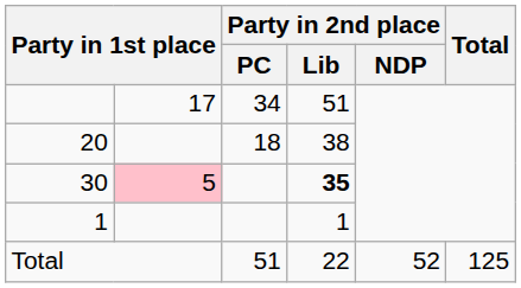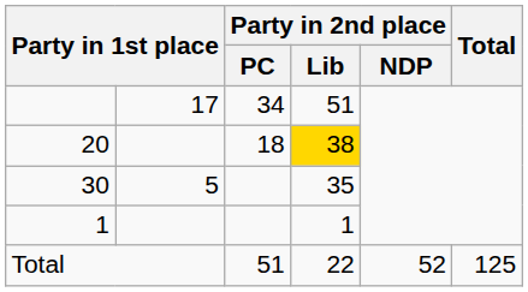 <table class="wikitable" style="text-align:right;">
 <tr>
 <th rowspan="2" colspan="2" style="text-align:left;">Party in 1st place</th>
 <th colspan="3">Party in 2nd place</th>
 <th rowspan="2">Total</th>
 </tr>
 <tr>
 <th>PC</th>
 <th>Lib</th>
 <th>NDP</th>
 </tr>
 <tr>
 <td></td>
 <td>17</td>
 <td>34</td>
 <td>51</td>
 </tr>
 <tr>
 <td>20</td>
 <td></td>
 <td>18</td>
-<td>38</td>
+<td style="background: gold;">38</td>
 </tr>
 <tr>
 <td>30</td>
-<td style="background: pink;">5</td>
+<td>5</td>
 <td></td>
-<td><strong>35</strong></td>
+<td>35</td>
 </tr>
 <tr>
 <td>1</td>
 <td></td>
 <td></td>
 <td>1</td>
 </tr>
 <tr>
 <td colspan="2" style="text-align:left;">Total</td>
 <td>51</td>
 <td>22</td>
 <td>52</td>
 <td>125</td>
 </tr>
 </table>
